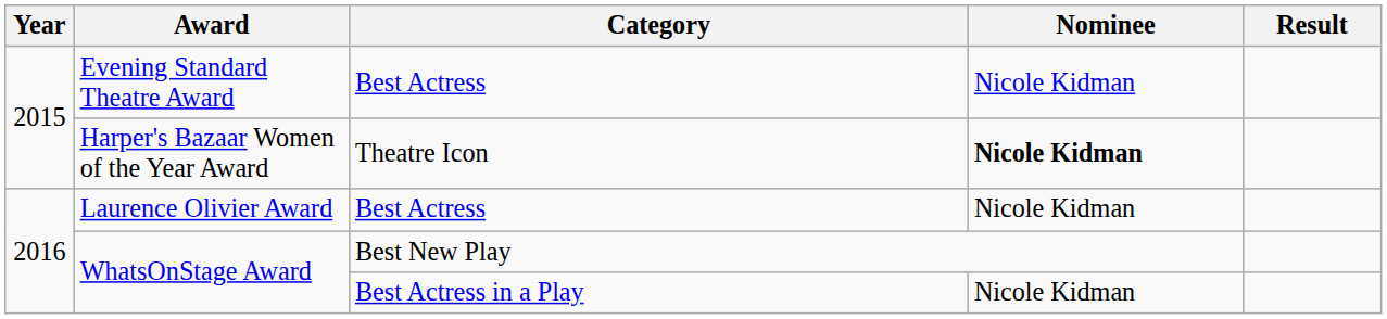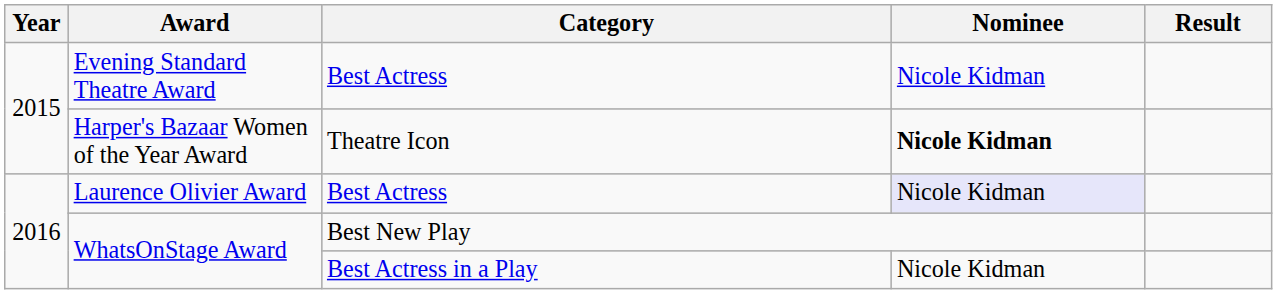 <table class="wikitable" width="95%">
 <tr>
 <th width="5%">Year</th>
 <th width="20%">Award</th>
 <th width="45%">Category</th>
 <th width="20%">Nominee</th>
 <th width="10%">Result</th>
 </tr>
 <tr>
 <td rowspan="2" align="center">2015</td>
 <td><a href='#'>Evening Standard Theatre Award</a></td>
 <td><a href='#'>Best Actress</a></td>
 <td><a href='#'>Nicole Kidman</a></td>
 <td></td>
 </tr>
 <tr>
 <td><a href='#'>Harper's Bazaar</a> Women of the Year Award</td>
 <td>Theatre Icon</td>
 <td><strong>Nicole Kidman</strong></td>
 <td></td>
 </tr>
 <tr>
 <td rowspan="3" align="center">2016</td>
 <td><a href='#'>Laurence Olivier Award</a></td>
 <td><a href='#'>Best Actress</a></td>
-<td>Nicole Kidman</td>
+<td style="background: lavender;">Nicole Kidman</td>
 <td></td>
 </tr>
 <tr>
 <td rowspan="2"><a href='#'>WhatsOnStage Award</a></td>
 <td colspan="2">Best New Play</td>
 <td></td>
 </tr>
 <tr>
 <td><a href='#'>Best Actress in a Play</a></td>
 <td>Nicole Kidman</td>
 <td></td>
 </tr>
 </table>
